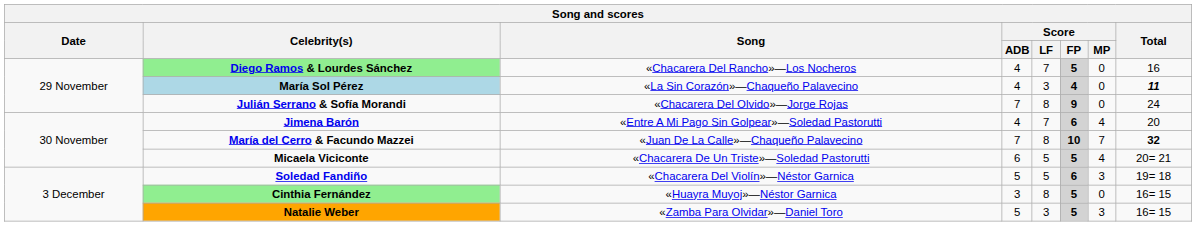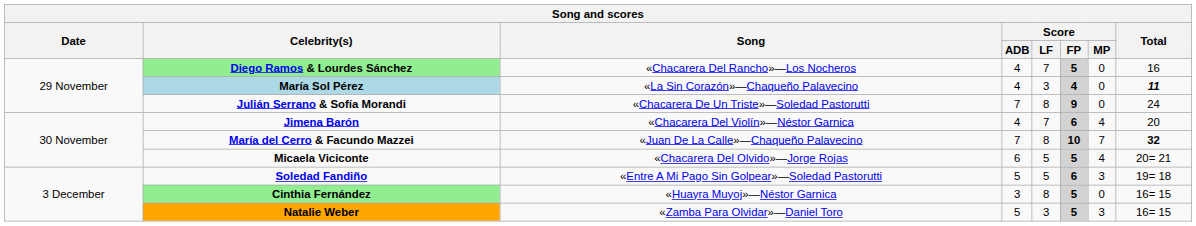 <table class="wikitable collapsible collapsed" style="font-size:95%; text-align: center; width: 100%;">
 <tr>
 <th colspan="11" style="with: 100%;" align=center>Song and scores</th>
 </tr>
 <tr>
 <th rowspan="2">Date</th>
 <th rowspan="2">Celebrity(s)</th>
 <th rowspan="2">Song</th>
 <th colspan="4">Score</th>
 <th rowspan="2">Total</th>
 </tr>
 <tr>
 <th width=30>ADB</th>
 <th width=30>LF</th>
 <th width=30>FP</th>
 <th width=30>MP</th>
 </tr>
 <tr>
 <td rowspan="3">29 November</td>
 <td bgcolor="lightgreen"><strong><a href='#'>Diego Ramos</a> & Lourdes Sánchez</strong></td>
 <td>«<a href='#'>Chacarera Del Rancho</a>»—<a href='#'>Los Nocheros</a></td>
 <td>4</td>
 <td>7</td>
 <td bgcolor="lightgrey"><strong>5</strong></td>
 <td>0</td>
 <td>16</td>
 </tr>
 <tr>
 <td bgcolor="lightblue"><strong>María Sol Pérez</strong></td>
 <td>«<a href='#'>La Sin Corazón</a>»—<a href='#'>Chaqueño Palavecino</a></td>
 <td>4</td>
 <td>3</td>
 <td bgcolor="lightgrey"><strong>4</strong></td>
 <td>0</td>
 <td><span><strong><em>11</em></strong></span></td>
 </tr>
 <tr>
 <td bgcolor=""><strong><a href='#'>Julián Serrano</a> & Sofía Morandi</strong></td>
-<td>«<a href='#'>Chacarera Del Olvido</a>»—<a href='#'>Jorge Rojas</a></td>
+<td>«<a href='#'>Chacarera De Un Triste</a>»—<a href='#'>Soledad Pastorutti</a></td>
 <td>7</td>
 <td>8</td>
 <td bgcolor="lightgrey"><strong>9</strong></td>
 <td>0</td>
 <td>24</td>
 </tr>
 <tr>
 <td rowspan="3">30 November</td>
 <td bgcolor=""><strong><a href='#'>Jimena Barón</a></strong></td>
-<td>«<a href='#'>Entre A Mi Pago Sin Golpear</a>»—<a href='#'>Soledad Pastorutti</a></td>
+<td>«<a href='#'>Chacarera Del Violín</a>»—<a href='#'>Néstor Garnica</a></td>
 <td>4</td>
 <td>7</td>
 <td bgcolor="lightgrey"><strong>6</strong></td>
 <td>4</td>
 <td>20</td>
 </tr>
 <tr>
 <td bgcolor=""><strong><a href='#'>María del Cerro</a> & Facundo Mazzei</strong></td>
 <td>«<a href='#'>Juan De La Calle</a>»—<a href='#'>Chaqueño Palavecino</a></td>
 <td>7</td>
 <td>8</td>
 <td bgcolor="lightgrey"><strong>10</strong></td>
 <td>7</td>
 <td><span><strong>32</strong></span></td>
 </tr>
 <tr>
 <td bgcolor=""><strong>Micaela Viciconte</strong></td>
-<td>«<a href='#'>Chacarera De Un Triste</a>»—<a href='#'>Soledad Pastorutti</a></td>
+<td>«<a href='#'>Chacarera Del Olvido</a>»—<a href='#'>Jorge Rojas</a></td>
 <td>6</td>
 <td>5</td>
 <td bgcolor="lightgrey"><strong>5</strong></td>
 <td>4</td>
 <td>20= 21</td>
 </tr>
 <tr>
 <td rowspan="3">3 December</td>
 <td bgcolor=""><strong><a href='#'>Soledad Fandiño</a></strong></td>
-<td>«<a href='#'>Chacarera Del Violín</a>»—<a href='#'>Néstor Garnica</a></td>
+<td>«<a href='#'>Entre A Mi Pago Sin Golpear</a>»—<a href='#'>Soledad Pastorutti</a></td>
 <td>5</td>
 <td>5</td>
 <td bgcolor="lightgrey"><strong>6</strong></td>
 <td>3</td>
 <td>19= 18</td>
 </tr>
 <tr>
 <td bgcolor="lightgreen"><strong>Cinthia Fernández</strong></td>
 <td>«<a href='#'>Huayra Muyoj</a>»—<a href='#'>Néstor Garnica</a></td>
 <td>3</td>
 <td>8</td>
 <td bgcolor="lightgrey"><strong>5</strong></td>
 <td>0</td>
 <td>16= 15</td>
 </tr>
 <tr>
 <td bgcolor="orange"><strong>Natalie Weber</strong></td>
 <td>«<a href='#'>Zamba Para Olvidar</a>»—<a href='#'>Daniel Toro</a></td>
 <td>5</td>
 <td>3</td>
 <td bgcolor="lightgrey"><strong>5</strong></td>
 <td>3</td>
 <td>16= 15</td>
 </tr>
 </table>
